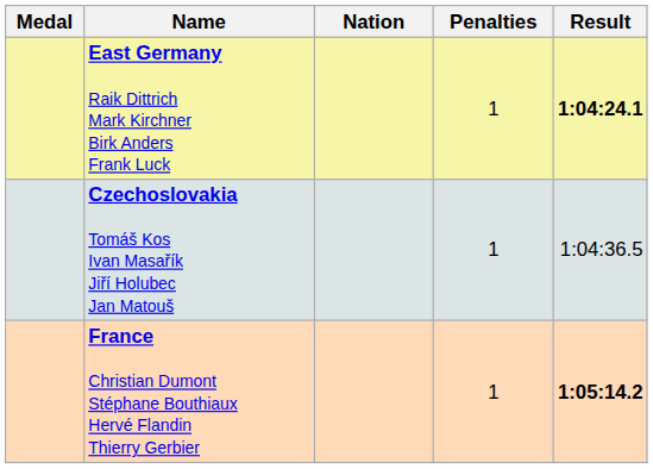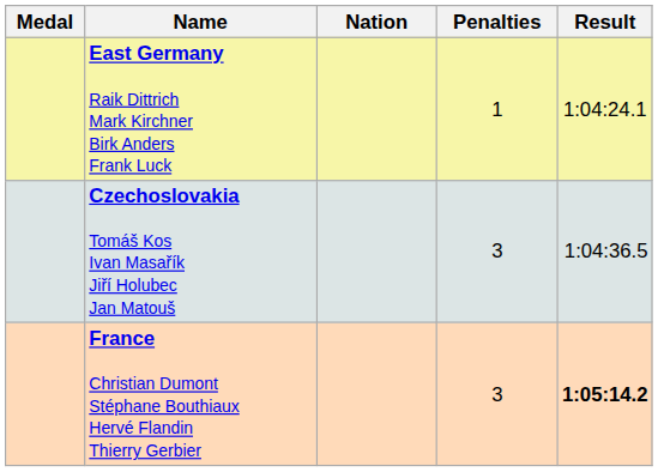 <table class=wikitable style="border:1px solid #AAAAAA;font-size:90%">
 <tr bgcolor="#E4E4E4">
 <th style="border-bottom:1px solid #AAAAAA" width=50>Medal</th>
 <th style="border-bottom:1px solid #AAAAAA" width=160>Name</th>
 <th style="border-bottom:1px solid #AAAAAA" width=80>Nation</th>
 <th style="border-bottom:1px solid #AAAAAA" width=80>Penalties</th>
 <th style="border-bottom:1px solid #AAAAAA" width=60>Result</th>
 </tr>
 <tr bgcolor="#F7F6A8">
 <td align="center"></td>
 <td><strong><a href='#'>East Germany</a></strong><br><br><small><a href='#'>Raik Dittrich</a><br><a href='#'>Mark Kirchner</a><br><a href='#'>Birk Anders</a><br><a href='#'>Frank Luck</a></small></td>
 <td></td>
 <td align="center">1</td>
-<td align="center"><strong>1:04:24.1</strong></td>
+<td align="center">1:04:24.1</td>
 </tr>
 <tr bgcolor="#DCE5E5">
 <td align="center"></td>
 <td><strong><a href='#'>Czechoslovakia</a></strong><br><br><small><a href='#'>Tomáš Kos</a><br><a href='#'>Ivan Masařík</a><br><a href='#'>Jiří Holubec</a><br><a href='#'>Jan Matouš</a></small></td>
 <td></td>
-<td align="center">1</td>
+<td align="center">3</td>
 <td align="right">1:04:36.5</td>
 </tr>
 <tr bgcolor="#FFDAB9">
 <td align="center"></td>
 <td><strong><a href='#'>France</a></strong><br><br><small><a href='#'>Christian Dumont</a><br><a href='#'>Stéphane Bouthiaux</a><br><a href='#'>Hervé Flandin</a><br><a href='#'>Thierry Gerbier</a></small></td>
 <td></td>
-<td align="center">1</td>
+<td align="center">3</td>
 <td align="right"><strong>1:05:14.2</strong></td>
 </tr>
 </table>
